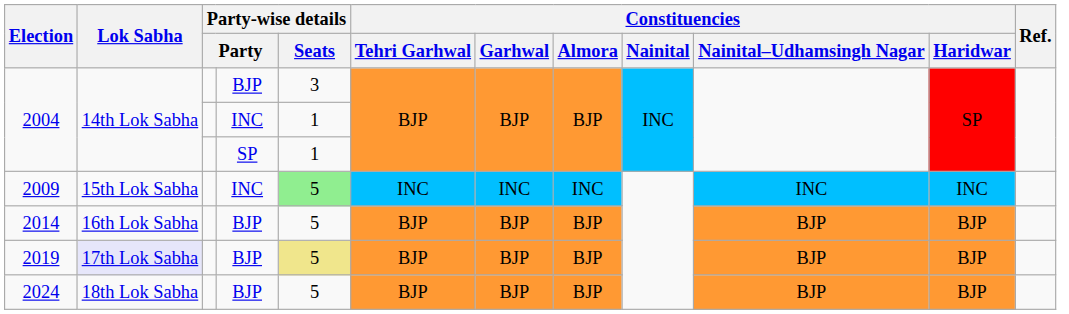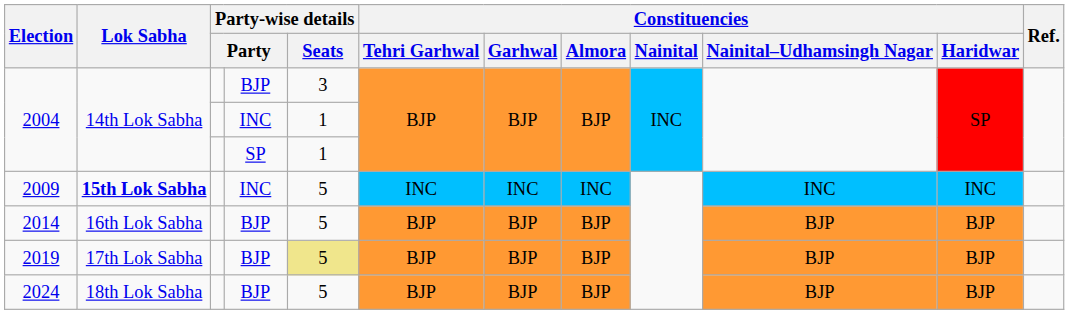 <table class="wikitable sortable">
 <tr>
 <th rowspan="2"><a href='#'>Election</a></th>
 <th rowspan="2"><a href='#'>Lok Sabha</a></th>
 <th colspan="3">Party-wise details</th>
 <th colspan="6"><a href='#'>Constituencies</a></th>
 <th rowspan="2">Ref.</th>
 </tr>
 <tr style="text-align:center; height:30px;">
 <th colspan="2">Party</th>
 <th><a href='#'>Seats</a></th>
 <th><a href='#'>Tehri Garhwal</a></th>
 <th><a href='#'>Garhwal</a></th>
 <th><a href='#'>Almora</a></th>
 <th><a href='#'>Nainital</a></th>
 <th><a href='#'>Nainital–Udhamsingh Nagar</a></th>
 <th><a href='#'>Haridwar</a></th>
 </tr>
 <tr style="text-align:center; height:30px;">
 <td rowspan="3"><a href='#'>2004</a></td>
 <td rowspan="3"><a href='#'>14th Lok Sabha</a></td>
 <td style="background-color: "></td>
 <td><a href='#'>BJP</a></td>
 <td>3</td>
 <td rowspan="3"; bgcolor=#FF9933>BJP</td>
 <td rowspan="3"; bgcolor=#FF9933>BJP</td>
 <td rowspan="3"; bgcolor=#FF9933>BJP</td>
 <td rowspan="3"; bgcolor=#00BFFF>INC</td>
 <td rowspan="3"></td>
 <td rowspan="3"; bgcolor=#FF0000>SP</td>
 <td rowspan="3"></td>
 </tr>
 <tr style="text-align:center; height:30px;">
 <td style="background-color: "></td>
 <td><a href='#'>INC</a></td>
 <td>1</td>
 </tr>
 <tr style="text-align:center; height:30px;">
 <td style="background-color: "></td>
 <td><a href='#'>SP</a></td>
 <td>1</td>
 </tr>
 <tr style="text-align:center; height:30px;">
 <td><a href='#'>2009</a></td>
-<td><a href='#'>15th Lok Sabha</a></td>
+<td><strong><a href='#'>15th Lok Sabha</a></strong></td>
 <td style="background-color: "></td>
 <td><a href='#'>INC</a></td>
-<td style="background: lightgreen;">5</td>
+<td>5</td>
 <td bgcolor=#00BFFF>INC</td>
 <td bgcolor=#00BFFF>INC</td>
 <td bgcolor=#00BFFF>INC</td>
 <td rowspan="4"></td>
 <td bgcolor=#00BFFF>INC</td>
 <td bgcolor=#00BFFF>INC</td>
 <td></td>
 </tr>
 <tr style="text-align:center; height:30px;">
 <td><a href='#'>2014</a></td>
 <td><a href='#'>16th Lok Sabha</a></td>
 <td style="background-color: "></td>
 <td><a href='#'>BJP</a></td>
 <td>5</td>
 <td bgcolor=#FF9933>BJP</td>
 <td bgcolor=#FF9933>BJP</td>
 <td bgcolor=#FF9933>BJP</td>
 <td bgcolor=#FF9933>BJP</td>
 <td bgcolor=#FF9933>BJP</td>
 <td></td>
 </tr>
 <tr style="text-align:center; height:30px;">
 <td><a href='#'>2019</a></td>
-<td style="background: lavender;"><a href='#'>17th Lok Sabha</a></td>
+<td><a href='#'>17th Lok Sabha</a></td>
 <td style="background-color: "></td>
 <td><a href='#'>BJP</a></td>
 <td style="background: khaki;">5</td>
 <td bgcolor=#FF9933>BJP</td>
 <td bgcolor=#FF9933>BJP</td>
 <td bgcolor=#FF9933>BJP</td>
 <td bgcolor=#FF9933>BJP</td>
 <td bgcolor=#FF9933>BJP</td>
 <td></td>
 </tr>
 <tr style="text-align:center; height:30px;">
 <td><a href='#'>2024</a></td>
 <td><a href='#'>18th Lok Sabha</a></td>
 <td style="background-color: "></td>
 <td><a href='#'>BJP</a></td>
 <td>5</td>
 <td bgcolor=#FF9933>BJP</td>
 <td bgcolor=#FF9933>BJP</td>
 <td bgcolor=#FF9933>BJP</td>
 <td bgcolor=#FF9933>BJP</td>
 <td bgcolor=#FF9933>BJP</td>
 <td></td>
 </tr>
 </table>
